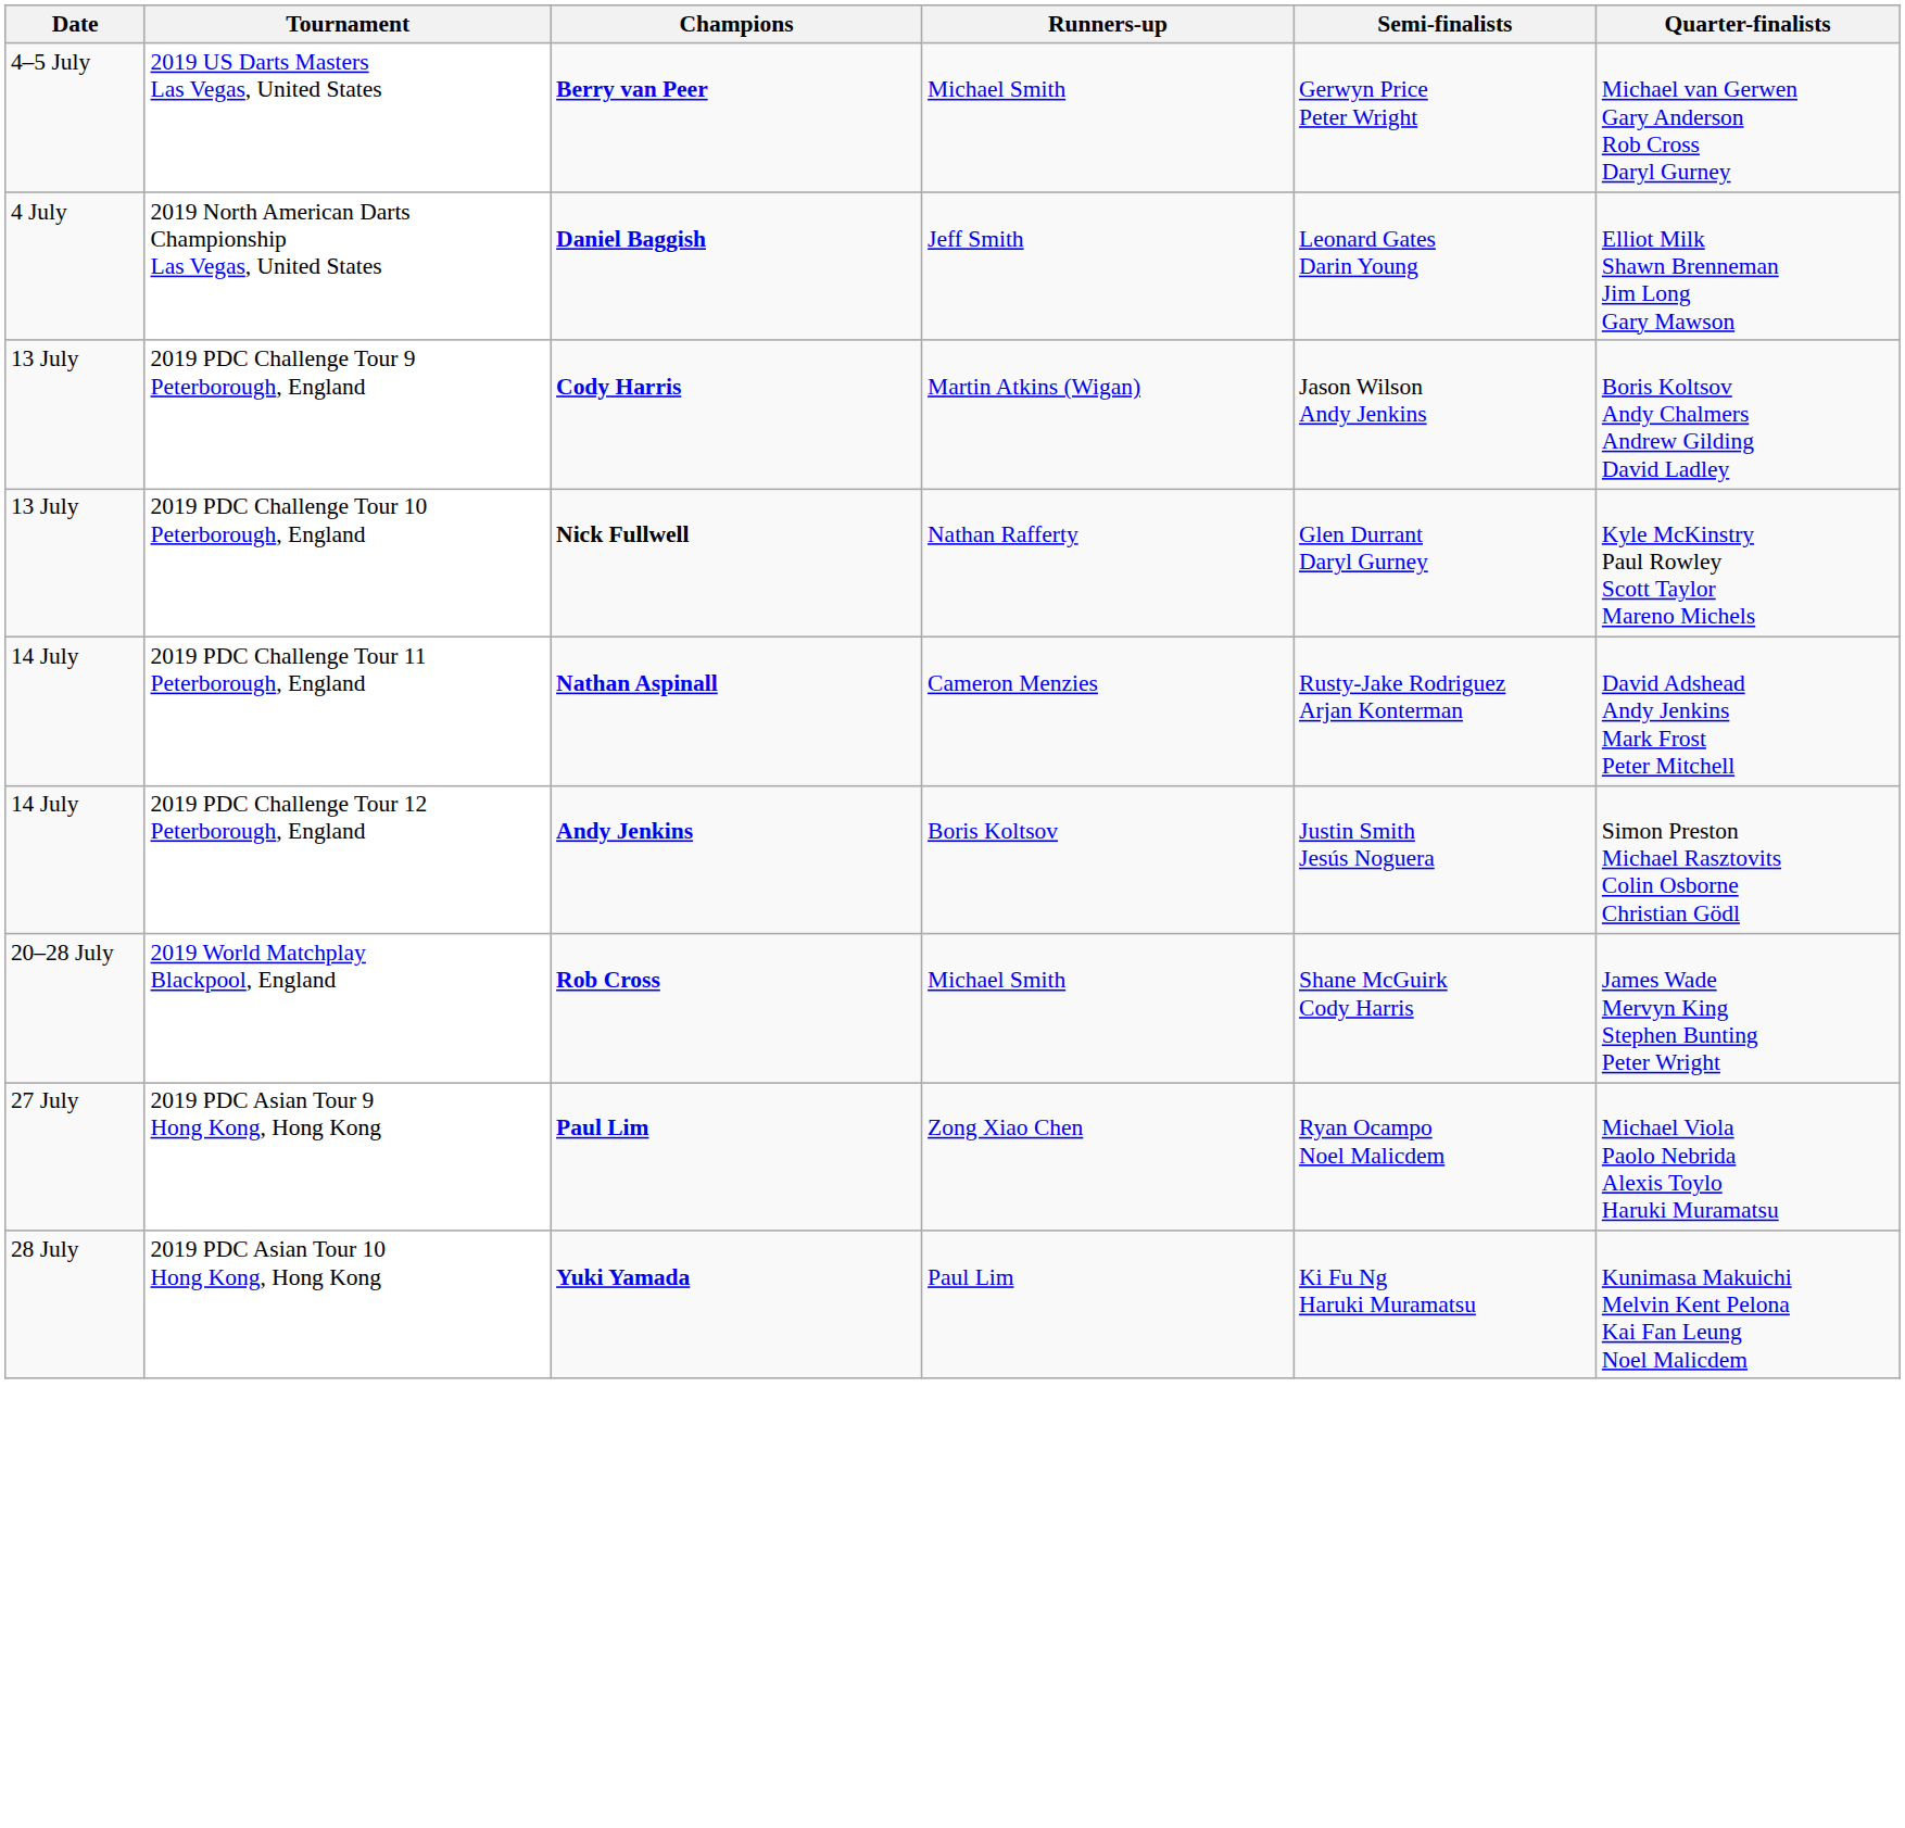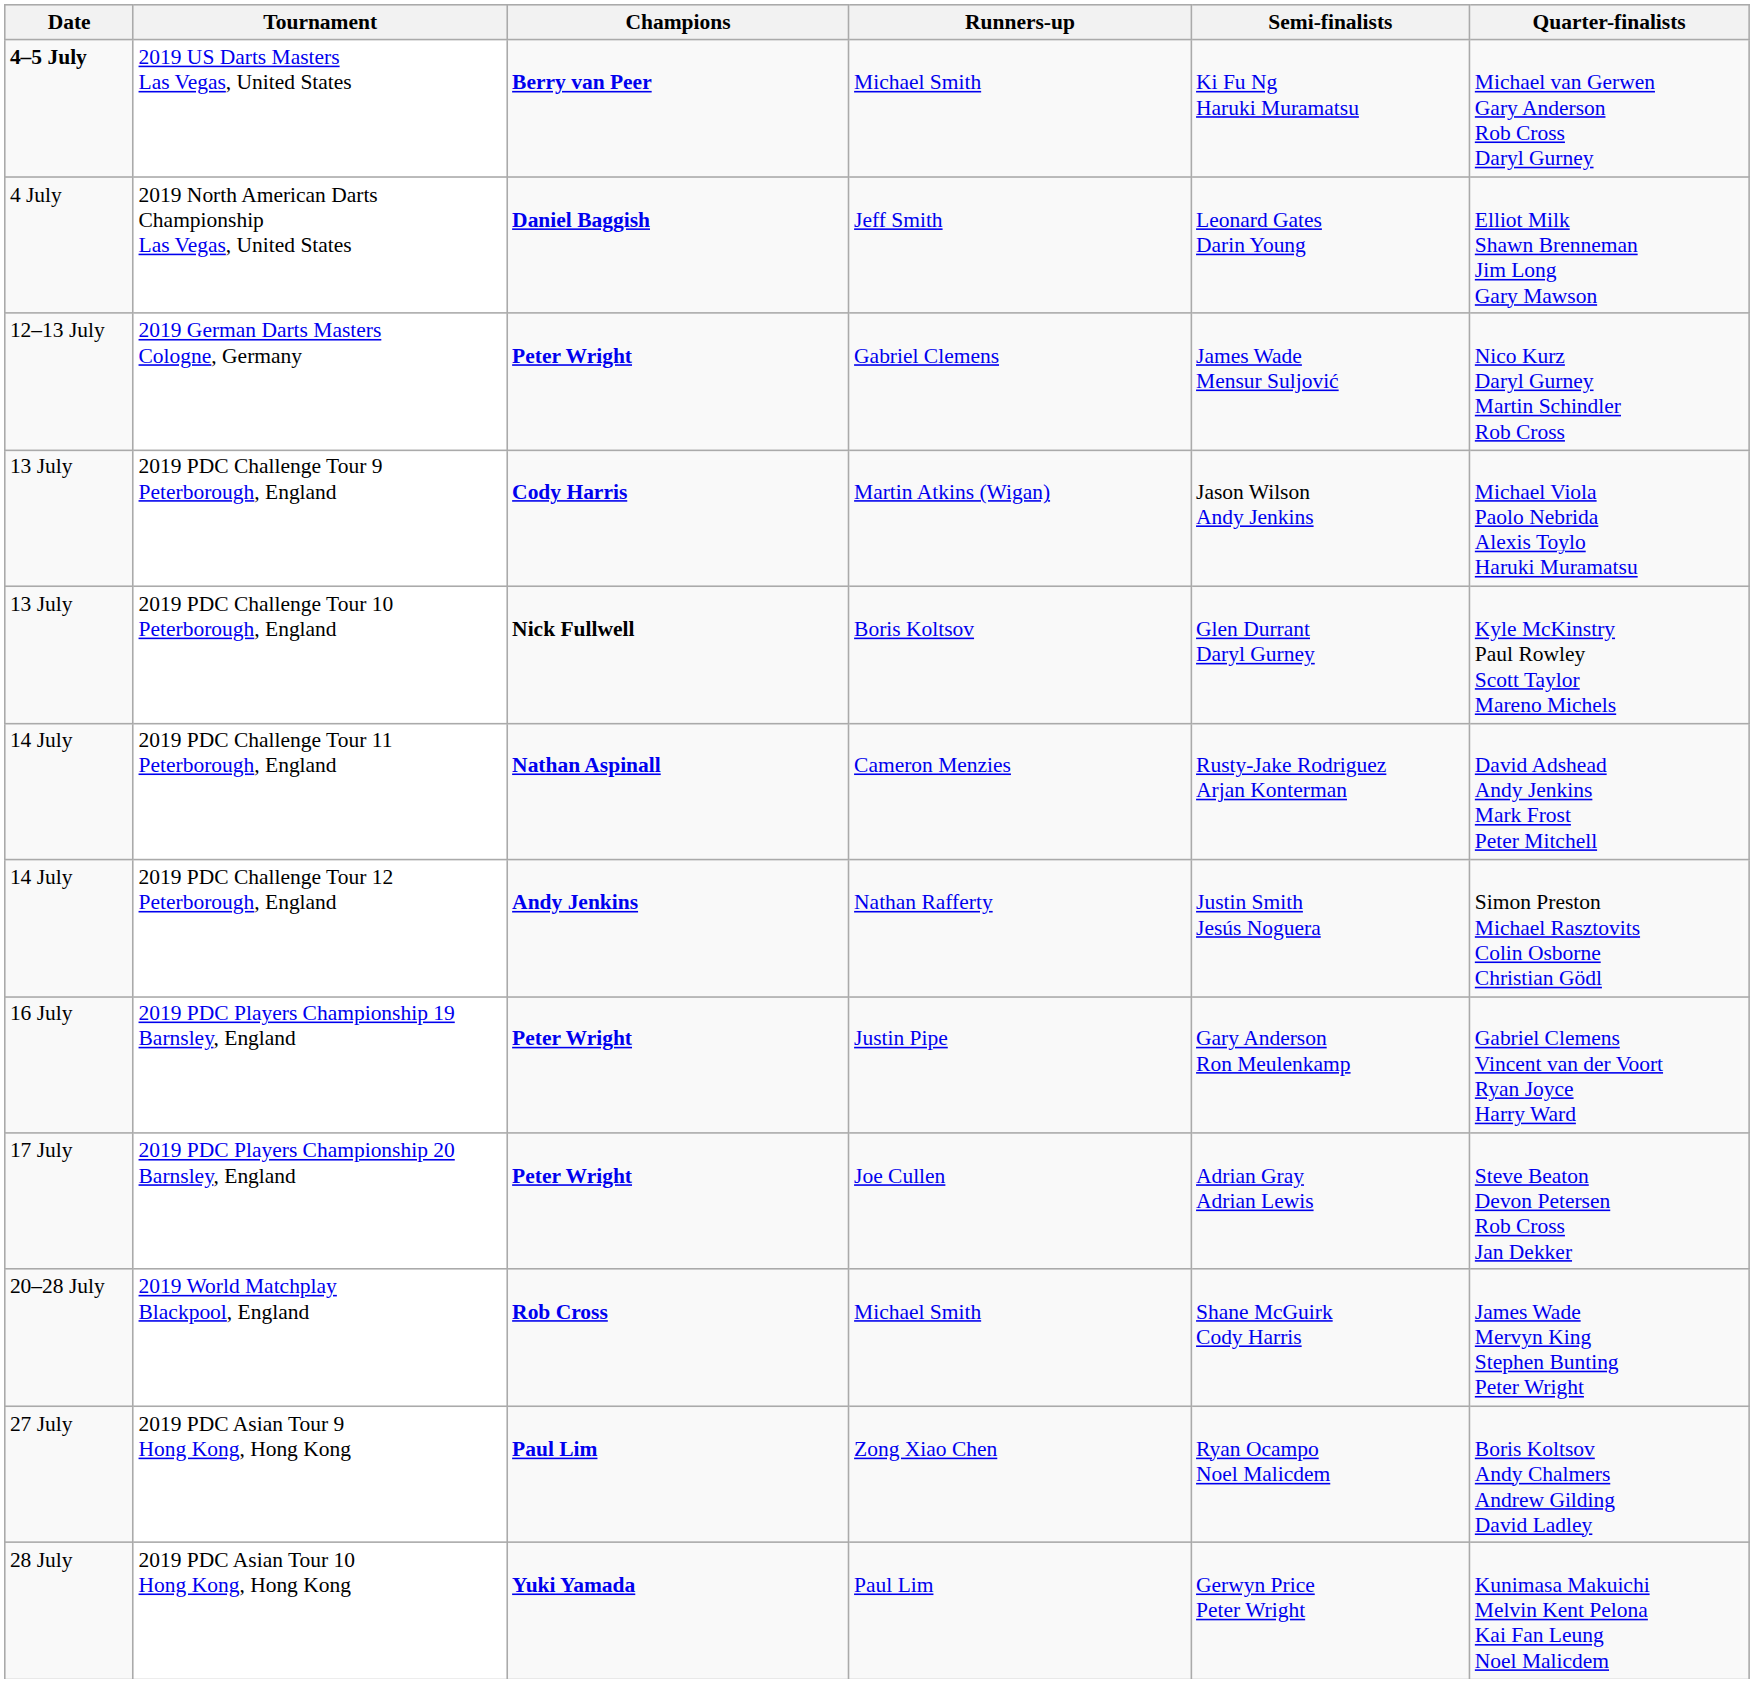 <table class=wikitable style=font-size:85%>
 <tr>
 <th width=75>Date</th>
 <th width=230>Tournament</th>
 <th width=210>Champions</th>
 <th width=210>Runners-up</th>
 <th width=170>Semi-finalists</th>
 <th width=170>Quarter-finalists</th>
 </tr>
 <tr valign="top">
-<td>4–5 July</td>
+<td><strong>4–5 July</strong></td>
 <td bgcolor="#ffffff"><a href='#'>2019 US Darts Masters</a><br><a href='#'>Las Vegas</a>, United States</td>
 <td><br> <strong><a href='#'>Berry van Peer</a></strong></td>
 <td><br> <a href='#'>Michael Smith</a></td>
-<td><br> <a href='#'>Gerwyn Price</a> <br>  <a href='#'>Peter Wright</a></td>
+<td><br> <a href='#'>Ki Fu Ng</a> <br>  <a href='#'>Haruki Muramatsu</a></td>
 <td><br> <a href='#'>Michael van Gerwen</a> <br>  <a href='#'>Gary Anderson</a> <br>  <a href='#'>Rob Cross</a> <br>  <a href='#'>Daryl Gurney</a></td>
 </tr>
 <tr valign="top">
 <td>4 July</td>
 <td bgcolor="#ffffff">2019 North American Darts Championship<br><a href='#'>Las Vegas</a>, United States</td>
 <td><br> <strong><a href='#'>Daniel Baggish</a></strong></td>
 <td><br> <a href='#'>Jeff Smith</a></td>
 <td><br> <a href='#'>Leonard Gates</a> <br>  <a href='#'>Darin Young</a></td>
 <td><br> <a href='#'>Elliot Milk</a> <br>  <a href='#'>Shawn Brenneman</a> <br>  <a href='#'>Jim Long</a> <br>  <a href='#'>Gary Mawson</a></td>
 </tr>
 <tr valign="top">
+<td>12–13 July</td>
+<td bgcolor="#ffffff"><a href='#'>2019 German Darts Masters</a><br><a href='#'>Cologne</a>, Germany</td>
+<td><br> <strong><a href='#'>Peter Wright</a></strong></td>
+<td><br> <a href='#'>Gabriel Clemens</a></td>
+<td><br> <a href='#'>James Wade</a> <br>  <a href='#'>Mensur Suljović</a></td>
+<td><br> <a href='#'>Nico Kurz</a> <br>  <a href='#'>Daryl Gurney</a> <br>  <a href='#'>Martin Schindler</a> <br>  <a href='#'>Rob Cross</a></td>
+</tr>
+<tr valign="top">
 <td>13 July</td>
 <td bgcolor="#ffffff">2019 PDC Challenge Tour 9<br><a href='#'>Peterborough</a>, England</td>
 <td><br> <strong><a href='#'>Cody Harris</a></strong></td>
 <td><br> <a href='#'>Martin Atkins (Wigan)</a></td>
 <td><br> Jason Wilson <br>  <a href='#'>Andy Jenkins</a></td>
-<td><br> <a href='#'>Boris Koltsov</a> <br>  <a href='#'>Andy Chalmers</a> <br>  <a href='#'>Andrew Gilding</a> <br>  <a href='#'>David Ladley</a></td>
+<td><br> <a href='#'>Michael Viola</a> <br>  <a href='#'>Paolo Nebrida</a> <br>  <a href='#'>Alexis Toylo</a> <br>  <a href='#'>Haruki Muramatsu</a></td>
 </tr>
 <tr valign="top">
 <td>13 July</td>
 <td bgcolor="#ffffff">2019 PDC Challenge Tour 10<br><a href='#'>Peterborough</a>, England</td>
 <td><br> <strong>Nick Fullwell</strong></td>
-<td><br> <a href='#'>Nathan Rafferty</a></td>
+<td><br> <a href='#'>Boris Koltsov</a></td>
 <td><br> <a href='#'>Glen Durrant</a> <br>  <a href='#'>Daryl Gurney</a></td>
 <td><br> <a href='#'>Kyle McKinstry</a> <br>  Paul Rowley <br>  <a href='#'>Scott Taylor</a> <br>  <a href='#'>Mareno Michels</a></td>
 </tr>
 <tr valign="top">
 <td>14 July</td>
 <td bgcolor="#ffffff">2019 PDC Challenge Tour 11<br><a href='#'>Peterborough</a>, England</td>
 <td><br> <strong><a href='#'>Nathan Aspinall</a></strong></td>
 <td><br> <a href='#'>Cameron Menzies</a></td>
 <td><br> <a href='#'>Rusty-Jake Rodriguez</a> <br>  <a href='#'>Arjan Konterman</a></td>
 <td><br> <a href='#'>David Adshead</a> <br>  <a href='#'>Andy Jenkins</a> <br>  <a href='#'>Mark Frost</a> <br>  <a href='#'>Peter Mitchell</a></td>
 </tr>
 <tr valign="top">
 <td>14 July</td>
 <td bgcolor="#ffffff">2019 PDC Challenge Tour 12<br><a href='#'>Peterborough</a>, England</td>
 <td><br> <strong><a href='#'>Andy Jenkins</a></strong></td>
-<td><br> <a href='#'>Boris Koltsov</a></td>
+<td><br> <a href='#'>Nathan Rafferty</a></td>
 <td><br> <a href='#'>Justin Smith</a> <br>  <a href='#'>Jesús Noguera</a></td>
 <td><br> Simon Preston <br>  <a href='#'>Michael Rasztovits</a> <br>  <a href='#'>Colin Osborne</a> <br>  <a href='#'>Christian Gödl</a></td>
+</tr>
+<tr valign="top">
+<td>16 July</td>
+<td bgcolor="#ffffff"><a href='#'>2019 PDC Players Championship 19</a><br><a href='#'>Barnsley</a>, England</td>
+<td><br> <strong><a href='#'>Peter Wright</a></strong></td>
+<td><br> <a href='#'>Justin Pipe</a></td>
+<td><br> <a href='#'>Gary Anderson</a> <br>  <a href='#'>Ron Meulenkamp</a></td>
+<td><br> <a href='#'>Gabriel Clemens</a> <br>  <a href='#'>Vincent van der Voort</a> <br>  <a href='#'>Ryan Joyce</a> <br>  <a href='#'>Harry Ward</a></td>
+</tr>
+<tr valign="top">
+<td>17 July</td>
+<td bgcolor="#ffffff"><a href='#'>2019 PDC Players Championship 20</a><br><a href='#'>Barnsley</a>, England</td>
+<td><br> <strong><a href='#'>Peter Wright</a></strong></td>
+<td><br> <a href='#'>Joe Cullen</a></td>
+<td><br> <a href='#'>Adrian Gray</a> <br>  <a href='#'>Adrian Lewis</a></td>
+<td><br> <a href='#'>Steve Beaton</a> <br>  <a href='#'>Devon Petersen</a> <br>  <a href='#'>Rob Cross</a> <br>  <a href='#'>Jan Dekker</a></td>
 </tr>
 <tr valign="top">
 <td>20–28 July</td>
 <td bgcolor="#ffffff"><a href='#'>2019 World Matchplay</a><br><a href='#'>Blackpool</a>, England</td>
 <td><br> <strong><a href='#'>Rob Cross</a></strong></td>
 <td><br> <a href='#'>Michael Smith</a></td>
 <td><br> <a href='#'>Shane McGuirk</a> <br>  <a href='#'>Cody Harris</a></td>
 <td><br> <a href='#'>James Wade</a> <br>  <a href='#'>Mervyn King</a> <br>  <a href='#'>Stephen Bunting</a> <br>  <a href='#'>Peter Wright</a></td>
 </tr>
 <tr valign="top">
 <td>27 July</td>
 <td bgcolor="#ffffff">2019 PDC Asian Tour 9<br><a href='#'>Hong Kong</a>, Hong Kong</td>
 <td><br> <strong><a href='#'>Paul Lim</a></strong></td>
 <td><br> <a href='#'>Zong Xiao Chen</a></td>
 <td><br> <a href='#'>Ryan Ocampo</a> <br>  <a href='#'>Noel Malicdem</a></td>
-<td><br> <a href='#'>Michael Viola</a> <br>  <a href='#'>Paolo Nebrida</a> <br>  <a href='#'>Alexis Toylo</a> <br>  <a href='#'>Haruki Muramatsu</a></td>
+<td><br> <a href='#'>Boris Koltsov</a> <br>  <a href='#'>Andy Chalmers</a> <br>  <a href='#'>Andrew Gilding</a> <br>  <a href='#'>David Ladley</a></td>
 </tr>
 <tr valign="top">
 <td>28 July</td>
 <td bgcolor="#ffffff">2019 PDC Asian Tour 10<br><a href='#'>Hong Kong</a>, Hong Kong</td>
 <td><br> <strong><a href='#'>Yuki Yamada</a></strong></td>
 <td><br> <a href='#'>Paul Lim</a></td>
-<td><br> <a href='#'>Ki Fu Ng</a> <br>  <a href='#'>Haruki Muramatsu</a></td>
+<td><br> <a href='#'>Gerwyn Price</a> <br>  <a href='#'>Peter Wright</a></td>
 <td><br> <a href='#'>Kunimasa Makuichi</a> <br>  <a href='#'>Melvin Kent Pelona</a> <br>  <a href='#'>Kai Fan Leung</a> <br>  <a href='#'>Noel Malicdem</a></td>
 </tr>
 </table>
